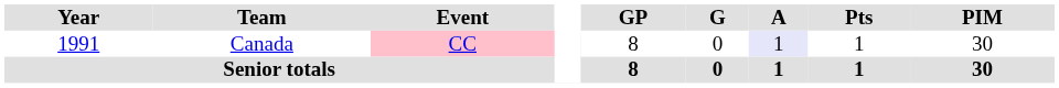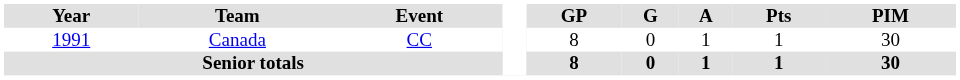 <table border="0" cellpadding="1" cellspacing="0" style="text-align:center; width:50em">
 <tr ALIGN="center" bgcolor="#e0e0e0">
 <th>Year</th>
 <th>Team</th>
 <th>Event</th>
 <th ALIGN="center" rowspan="99" bgcolor="#ffffff"> </th>
 <th>GP</th>
 <th>G</th>
 <th>A</th>
 <th>Pts</th>
 <th>PIM</th>
 </tr>
 <tr>
 <td><a href='#'>1991</a></td>
 <td><a href='#'>Canada</a></td>
-<td style="background: pink;"><a href='#'>CC</a></td>
+<td><a href='#'>CC</a></td>
 <td>8</td>
 <td>0</td>
-<td style="background: lavender;">1</td>
+<td>1</td>
 <td>1</td>
 <td>30</td>
 </tr>
 <tr bgcolor="#e0e0e0">
 <th colspan=3>Senior totals</th>
 <th>8</th>
 <th>0</th>
 <th>1</th>
 <th>1</th>
 <th>30</th>
 </tr>
 </table>
